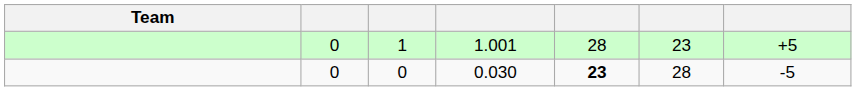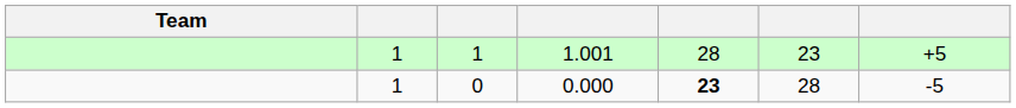 <table class="wikitable" style="text-align:center; width:50%">
 <tr>
 <th width="35%">Team</th>
 <th width="8%"></th>
 <th width="8%"></th>
 <th width="14%"></th>
 <th width="10%"></th>
 <th width="10%"></th>
 <th width="15%"></th>
 </tr>
 <tr style="background:#CCFFCC;">
 <td style="text-align:left;"></td>
-<td>0</td>
+<td>1</td>
 <td>1</td>
 <td>1.001</td>
 <td>28</td>
 <td>23</td>
 <td>+5</td>
 </tr>
 <tr>
 <td style="text-align:left;"></td>
+<td>1</td>
 <td>0</td>
-<td>0</td>
-<td>0.030</td>
+<td>0.000</td>
 <td><strong>23</strong></td>
 <td>28</td>
 <td>-5</td>
 </tr>
 </table>
